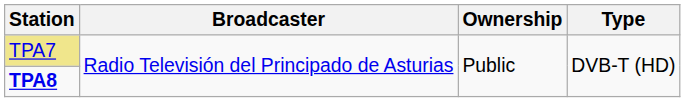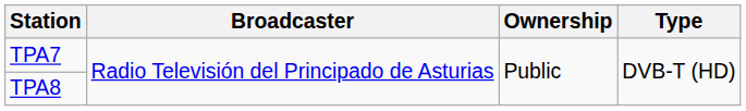 <table class="wikitable">
 <tr>
 <th>Station</th>
 <th>Broadcaster</th>
 <th>Ownership</th>
 <th>Type</th>
 </tr>
 <tr>
-<td style="background: khaki;"><a href='#'>TPA7</a></td>
+<td><a href='#'>TPA7</a></td>
 <td rowspan="2"><a href='#'>Radio Televisión del Principado de Asturias</a></td>
 <td rowspan="2">Public</td>
 <td rowspan="2">DVB-T (HD)</td>
 </tr>
 <tr>
-<td><strong><a href='#'>TPA8</a></strong></td>
+<td><a href='#'>TPA8</a></td>
 </tr>
 </table>
